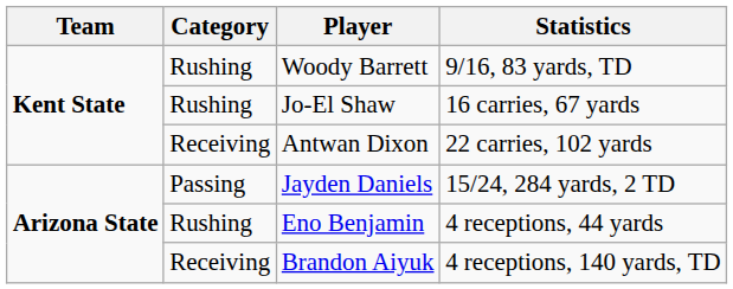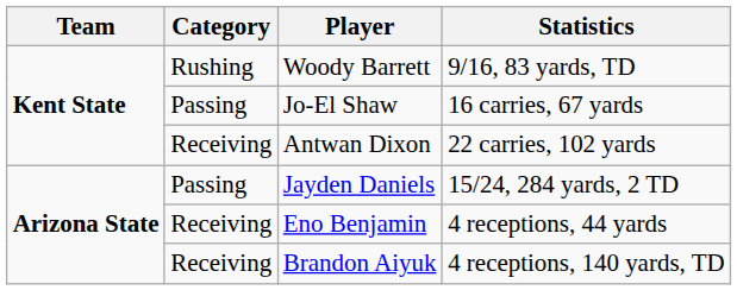 <table class="wikitable" style="float: right;">
 <tr>
 <th>Team</th>
 <th>Category</th>
 <th>Player</th>
 <th>Statistics</th>
 </tr>
 <tr>
 <td rowspan=3><strong>Kent State</strong></td>
 <td>Rushing</td>
 <td>Woody Barrett</td>
 <td>9/16, 83 yards, TD</td>
 </tr>
 <tr>
-<td>Rushing</td>
+<td>Passing</td>
 <td>Jo-El Shaw</td>
 <td>16 carries, 67 yards</td>
 </tr>
 <tr>
 <td>Receiving</td>
 <td>Antwan Dixon</td>
 <td>22 carries, 102 yards</td>
 </tr>
 <tr>
 <td rowspan=3><strong>Arizona State</strong></td>
 <td>Passing</td>
 <td><a href='#'>Jayden Daniels</a></td>
 <td>15/24, 284 yards, 2 TD</td>
 </tr>
 <tr>
-<td>Rushing</td>
+<td>Receiving</td>
 <td><a href='#'>Eno Benjamin</a></td>
 <td>4 receptions, 44 yards</td>
 </tr>
 <tr>
 <td>Receiving</td>
 <td><a href='#'>Brandon Aiyuk</a></td>
 <td>4 receptions, 140 yards, TD</td>
 </tr>
 </table>
